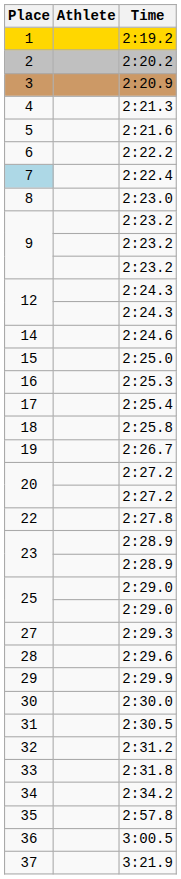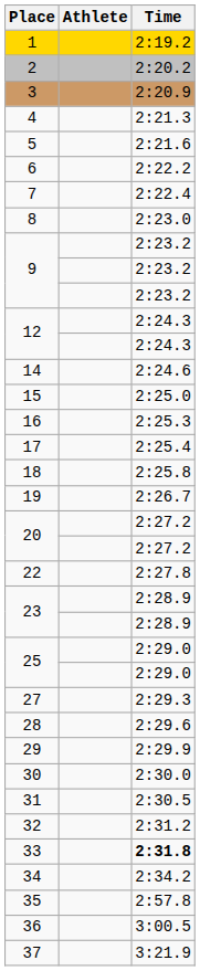 <table class="wikitable" style="text-align:center">
 <tr>
 <th>Place</th>
 <th>Athlete</th>
 <th>Time</th>
 </tr>
 <tr bgcolor=gold>
 <td>1</td>
 <td align=left></td>
 <td>2:19.2</td>
 </tr>
 <tr bgcolor=silver>
 <td>2</td>
 <td align=left></td>
 <td>2:20.2</td>
 </tr>
 <tr bgcolor=cc9966>
 <td>3</td>
 <td align=left></td>
 <td>2:20.9</td>
 </tr>
 <tr>
 <td>4</td>
 <td align=left></td>
 <td>2:21.3</td>
 </tr>
 <tr>
 <td>5</td>
 <td align=left></td>
 <td>2:21.6</td>
 </tr>
 <tr>
 <td>6</td>
 <td align=left></td>
 <td>2:22.2</td>
 </tr>
 <tr>
-<td style="background: lightblue;">7</td>
+<td>7</td>
 <td align=left></td>
 <td>2:22.4</td>
 </tr>
 <tr>
 <td>8</td>
 <td align=left></td>
 <td>2:23.0</td>
 </tr>
 <tr>
 <td rowspan=3>9</td>
 <td align=left></td>
 <td>2:23.2</td>
 </tr>
 <tr>
 <td align=left></td>
 <td>2:23.2</td>
 </tr>
 <tr>
 <td align=left></td>
 <td>2:23.2</td>
 </tr>
 <tr>
 <td rowspan=2>12</td>
 <td align=left></td>
 <td>2:24.3</td>
 </tr>
 <tr>
 <td align=left></td>
 <td>2:24.3</td>
 </tr>
 <tr>
 <td>14</td>
 <td align=left></td>
 <td>2:24.6</td>
 </tr>
 <tr>
 <td>15</td>
 <td align=left></td>
 <td>2:25.0</td>
 </tr>
 <tr>
 <td>16</td>
 <td align=left></td>
 <td>2:25.3</td>
 </tr>
 <tr>
 <td>17</td>
 <td align=left></td>
 <td>2:25.4</td>
 </tr>
 <tr>
 <td>18</td>
 <td align=left></td>
 <td>2:25.8</td>
 </tr>
 <tr>
 <td>19</td>
 <td align=left></td>
 <td>2:26.7</td>
 </tr>
 <tr>
 <td rowspan=2>20</td>
 <td align=left></td>
 <td>2:27.2</td>
 </tr>
 <tr>
 <td align=left></td>
 <td>2:27.2</td>
 </tr>
 <tr>
 <td>22</td>
 <td align=left></td>
 <td>2:27.8</td>
 </tr>
 <tr>
 <td rowspan=2>23</td>
 <td align=left></td>
 <td>2:28.9</td>
 </tr>
 <tr>
 <td align=left></td>
 <td>2:28.9</td>
 </tr>
 <tr>
 <td rowspan=2>25</td>
 <td align=left></td>
 <td>2:29.0</td>
 </tr>
 <tr>
 <td align=left></td>
 <td>2:29.0</td>
 </tr>
 <tr>
 <td>27</td>
 <td align=left></td>
 <td>2:29.3</td>
 </tr>
 <tr>
 <td>28</td>
 <td align=left></td>
 <td>2:29.6</td>
 </tr>
 <tr>
 <td>29</td>
 <td align=left></td>
 <td>2:29.9</td>
 </tr>
 <tr>
 <td>30</td>
 <td align=left></td>
 <td>2:30.0</td>
 </tr>
 <tr>
 <td>31</td>
 <td align=left></td>
 <td>2:30.5</td>
 </tr>
 <tr>
 <td>32</td>
 <td align=left></td>
 <td>2:31.2</td>
 </tr>
 <tr>
 <td>33</td>
 <td align=left></td>
-<td>2:31.8</td>
+<td><strong>2:31.8</strong></td>
 </tr>
 <tr>
 <td>34</td>
 <td align=left></td>
 <td>2:34.2</td>
 </tr>
 <tr>
 <td>35</td>
 <td align=left></td>
 <td>2:57.8</td>
 </tr>
 <tr>
 <td>36</td>
 <td align=left></td>
 <td>3:00.5</td>
 </tr>
 <tr>
 <td>37</td>
 <td align=left></td>
 <td>3:21.9</td>
 </tr>
 </table>
